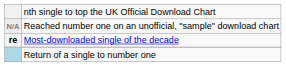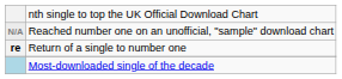 <table class="wikitable plainrowheaders" style="font-size:90%;">
 <tr>
 <th scope=col></th>
 <td>nth single to top the UK Official Download Chart</td>
 </tr>
 <tr>
 <th scope=row style="background: #ececec; color: grey; text-align: center" class=table-na><small>N/A</small></th>
 <td>Reached number one on an unofficial, "sample" download chart</td>
 </tr>
 <tr>
 <th scope=row style="text-align:center;">re</th>
-<td><a href='#'>Most-downloaded single of the decade</a></td>
+<td>Return of a single to number one</td>
 </tr>
 <tr>
 </tr>
 <tr>
 <td bgcolor=lightblue align=center></td>
-<td>Return of a single to number one</td>
+<td><a href='#'>Most-downloaded single of the decade</a></td>
 </tr>
 </table>
